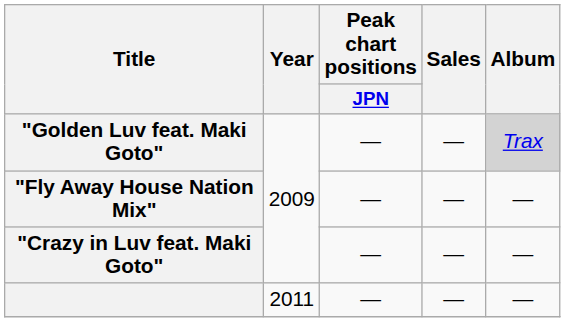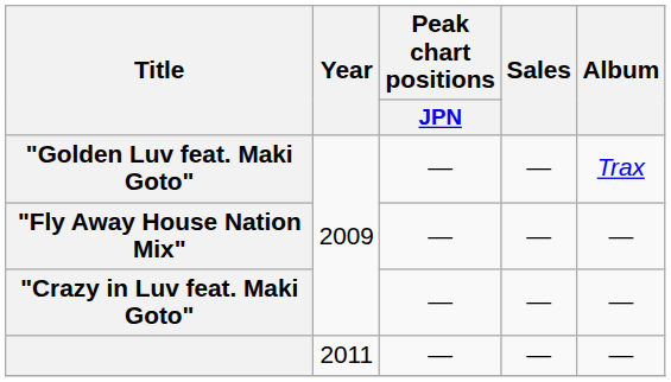 <table class="wikitable plainrowheaders" style="text-align:center;">
 <tr>
 <th scope="col" rowspan="2" style="width:12em;">Title</th>
 <th scope="col" rowspan="2">Year</th>
 <th scope="col" colspan="1">Peak chart positions</th>
 <th scope="col" rowspan="2">Sales</th>
 <th scope="col" rowspan="2">Album</th>
 </tr>
 <tr>
 <th scope="col" style="width:3em;font-size:90%;"><a href='#'>JPN</a></th>
 </tr>
 <tr>
 <th scope="row">"Golden Luv feat. Maki Goto"<br></th>
 <td rowspan="3">2009</td>
 <td>—</td>
 <td>—</td>
-<td style="background: lightgrey;"><em><a href='#'>Trax</a></em></td>
+<td><em><a href='#'>Trax</a></em></td>
 </tr>
 <tr>
 <th scope="row">"Fly Away House Nation Mix"<br></th>
 <td>—</td>
 <td>—</td>
 <td>—</td>
 </tr>
 <tr>
 <th scope="row">"Crazy in Luv feat. Maki Goto"<br></th>
 <td>—</td>
 <td>—</td>
 <td>—</td>
 </tr>
 <tr>
 <th scope="row"><br></th>
 <td>2011</td>
 <td>—</td>
 <td>—</td>
 <td>—</td>
 </tr>
 <tr>
 </tr>
 </table>
